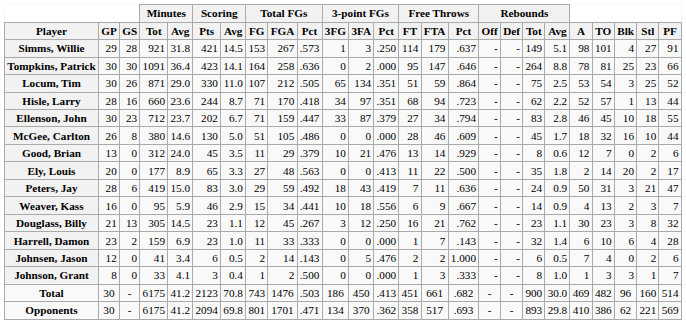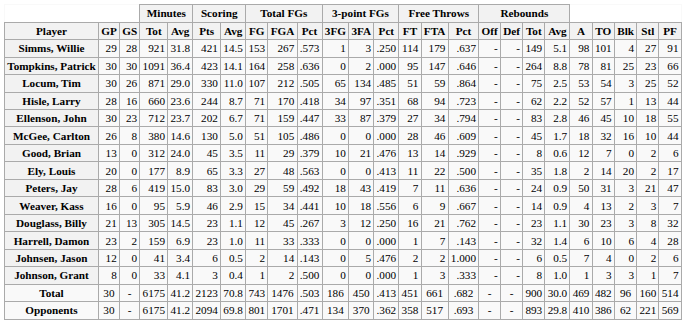 <table class="wikitable sortable" border="1" style="font-size:70%;">
 <tr>
 <th colspan="3" style="border-top-style:hidden; border-left-style:hidden; background: white;"></th>
 <th colspan="2">Minutes</th>
 <th colspan="2">Scoring</th>
 <th colspan="3">Total FGs</th>
 <th colspan="3">3-point FGs</th>
 <th colspan="3">Free Throws</th>
 <th colspan="4">Rebounds</th>
 <th colspan="5" style="border-top-style:hidden; border-right-style:hidden; background: white;"></th>
 </tr>
 <tr>
 <th scope="col">Player</th>
 <th scope="col">GP</th>
 <th scope="col">GS</th>
 <th scope="col">Tot</th>
 <th scope="col">Avg</th>
 <th scope="col">Pts</th>
 <th scope="col">Avg</th>
 <th scope="col">FG</th>
 <th scope="col">FGA</th>
 <th scope="col">Pct</th>
 <th scope="col">3FG</th>
 <th scope="col">3FA</th>
 <th scope="col">Pct</th>
 <th scope="col">FT</th>
 <th scope="col">FTA</th>
 <th scope="col">Pct</th>
 <th scope="col">Off</th>
 <th scope="col">Def</th>
 <th scope="col">Tot</th>
 <th scope="col">Avg</th>
 <th scope="col">A</th>
 <th scope="col">TO</th>
 <th scope="col">Blk</th>
 <th scope="col">Stl</th>
 <th scope="col">PF</th>
 </tr>
 <tr>
 <th style="white-space:nowrap">Simms, Willie</th>
 <td align="right">29</td>
 <td align="right">28</td>
 <td align="right">921</td>
 <td align="right">31.8</td>
 <td align="right">421</td>
 <td align="right">14.5</td>
 <td align="right">153</td>
 <td align="right">267</td>
 <td align="right">.573</td>
 <td align="right">1</td>
 <td align="right">3</td>
 <td align="right">.250</td>
 <td align="right">114</td>
 <td align="right">179</td>
 <td align="right">.637</td>
 <td align="right">-</td>
 <td align="right">-</td>
 <td align="right">149</td>
 <td align="right">5.1</td>
 <td align="right">98</td>
 <td align="right">101</td>
 <td align="right">4</td>
 <td align="right">27</td>
 <td align="right">91</td>
 </tr>
 <tr>
 <th style="white-space:nowrap">Tompkins, Patrick</th>
 <td align="right">30</td>
 <td align="right">30</td>
 <td align="right">1091</td>
 <td align="right">36.4</td>
 <td align="right">423</td>
 <td align="right">14.1</td>
 <td align="right">164</td>
 <td align="right">258</td>
 <td align="right">.636</td>
 <td align="right">0</td>
 <td align="right">2</td>
 <td align="right">.000</td>
 <td align="right">95</td>
 <td align="right">147</td>
 <td align="right">.646</td>
 <td align="right">-</td>
 <td align="right">-</td>
 <td align="right">264</td>
 <td align="right">8.8</td>
 <td align="right">78</td>
 <td align="right">81</td>
 <td align="right">25</td>
 <td align="right">23</td>
 <td align="right">66</td>
 </tr>
 <tr>
 <th style="white-space:nowrap">Locum, Tim</th>
 <td align="right">30</td>
 <td align="right">26</td>
 <td align="right">871</td>
 <td align="right">29.0</td>
 <td align="right">330</td>
 <td align="right">11.0</td>
 <td align="right">107</td>
 <td align="right">212</td>
 <td align="right">.505</td>
 <td align="right">65</td>
 <td align="right">134</td>
-<td align="right">.351</td>
+<td align="right">.485</td>
 <td align="right">51</td>
 <td align="right">59</td>
 <td align="right">.864</td>
 <td align="right">-</td>
 <td align="right">-</td>
 <td align="right">75</td>
 <td align="right">2.5</td>
 <td align="right">53</td>
 <td align="right">54</td>
 <td align="right">3</td>
 <td align="right">25</td>
 <td align="right">52</td>
 </tr>
 <tr>
 <th style="white-space:nowrap">Hisle, Larry</th>
 <td align="right">28</td>
 <td align="right">16</td>
 <td align="right">660</td>
 <td align="right">23.6</td>
 <td align="right">244</td>
 <td align="right">8.7</td>
 <td align="right">71</td>
 <td align="right">170</td>
 <td align="right">.418</td>
 <td align="right">34</td>
 <td align="right">97</td>
 <td align="right">.351</td>
 <td align="right">68</td>
 <td align="right">94</td>
 <td align="right">.723</td>
 <td align="right">-</td>
 <td align="right">-</td>
 <td align="right">62</td>
 <td align="right">2.2</td>
 <td align="right">52</td>
 <td align="right">57</td>
 <td align="right">1</td>
 <td align="right">13</td>
 <td align="right">44</td>
 </tr>
 <tr>
 <th style="white-space:nowrap">Ellenson, John</th>
 <td align="right">30</td>
 <td align="right">23</td>
 <td align="right">712</td>
 <td align="right">23.7</td>
 <td align="right">202</td>
 <td align="right">6.7</td>
 <td align="right">71</td>
 <td align="right">159</td>
 <td align="right">.447</td>
 <td align="right">33</td>
 <td align="right">87</td>
 <td align="right">.379</td>
 <td align="right">27</td>
 <td align="right">34</td>
 <td align="right">.794</td>
 <td align="right">-</td>
 <td align="right">-</td>
 <td align="right">83</td>
 <td align="right">2.8</td>
 <td align="right">46</td>
 <td align="right">45</td>
 <td align="right">10</td>
 <td align="right">18</td>
 <td align="right">55</td>
 </tr>
 <tr>
 <th style="white-space:nowrap">McGee, Carlton</th>
 <td align="right">26</td>
 <td align="right">8</td>
 <td align="right">380</td>
 <td align="right">14.6</td>
 <td align="right">130</td>
 <td align="right">5.0</td>
 <td align="right">51</td>
 <td align="right">105</td>
 <td align="right">.486</td>
 <td align="right">0</td>
 <td align="right">0</td>
 <td align="right">.000</td>
 <td align="right">28</td>
 <td align="right">46</td>
 <td align="right">.609</td>
 <td align="right">-</td>
 <td align="right">-</td>
 <td align="right">45</td>
 <td align="right">1.7</td>
 <td align="right">18</td>
 <td align="right">32</td>
 <td align="right">16</td>
 <td align="right">10</td>
 <td align="right">44</td>
 </tr>
 <tr>
 <th style="white-space:nowrap">Good, Brian</th>
 <td align="right">13</td>
 <td align="right">0</td>
 <td align="right">312</td>
 <td align="right">24.0</td>
 <td align="right">45</td>
 <td align="right">3.5</td>
 <td align="right">11</td>
 <td align="right">29</td>
 <td align="right">.379</td>
 <td align="right">10</td>
 <td align="right">21</td>
 <td align="right">.476</td>
 <td align="right">13</td>
 <td align="right">14</td>
 <td align="right">.929</td>
 <td align="right">-</td>
 <td align="right">-</td>
 <td align="right">8</td>
 <td align="right">0.6</td>
 <td align="right">12</td>
 <td align="right">7</td>
 <td align="right">0</td>
 <td align="right">2</td>
 <td align="right">6</td>
 </tr>
 <tr>
 <th style="white-space:nowrap">Ely, Louis</th>
 <td align="right">20</td>
 <td align="right">0</td>
 <td align="right">177</td>
 <td align="right">8.9</td>
 <td align="right">65</td>
 <td align="right">3.3</td>
 <td align="right">27</td>
 <td align="right">48</td>
 <td align="right">.563</td>
 <td align="right">0</td>
 <td align="right">0</td>
 <td align="center">.413</td>
 <td align="right">11</td>
 <td align="right">22</td>
 <td align="right">.500</td>
 <td align="right">-</td>
 <td align="right">-</td>
 <td align="right">35</td>
 <td align="right">1.8</td>
 <td align="right">2</td>
 <td align="right">14</td>
 <td align="right">20</td>
 <td align="right">2</td>
 <td align="right">17</td>
 </tr>
 <tr>
 <th style="white-space:nowrap">Peters, Jay</th>
 <td align="right">28</td>
 <td align="right">6</td>
 <td align="right">419</td>
 <td align="right">15.0</td>
 <td align="right">83</td>
 <td align="right">3.0</td>
 <td align="right">29</td>
 <td align="right">59</td>
 <td align="right">.492</td>
 <td align="right">18</td>
 <td align="right">43</td>
 <td align="right">.419</td>
 <td align="right">7</td>
 <td align="right">11</td>
 <td align="right">.636</td>
 <td align="right">-</td>
 <td align="right">-</td>
 <td align="right">24</td>
 <td align="right">0.9</td>
 <td align="right">50</td>
 <td align="right">31</td>
 <td align="right">3</td>
 <td align="right">21</td>
 <td align="right">47</td>
 </tr>
 <tr>
 <th style="white-space:nowrap">Weaver, Kass</th>
 <td align="right">16</td>
 <td align="right">0</td>
 <td align="right">95</td>
 <td align="right">5.9</td>
 <td align="right">46</td>
 <td align="right">2.9</td>
 <td align="right">15</td>
 <td align="right">34</td>
 <td align="right">.441</td>
 <td align="right">10</td>
 <td align="right">18</td>
 <td align="right">.556</td>
 <td align="right">6</td>
 <td align="right">9</td>
 <td align="right">.667</td>
 <td align="right">-</td>
 <td align="right">-</td>
 <td align="right">14</td>
 <td align="right">0.9</td>
 <td align="right">4</td>
 <td align="right">13</td>
 <td align="right">2</td>
 <td align="right">3</td>
 <td align="right">7</td>
 </tr>
 <tr>
 <th style="white-space:nowrap">Douglass, Billy</th>
 <td align="right">21</td>
 <td align="right">13</td>
 <td align="right">305</td>
 <td align="right">14.5</td>
 <td align="right">23</td>
 <td align="right">1.1</td>
 <td align="right">12</td>
 <td align="right">45</td>
 <td align="right">.267</td>
 <td align="right">3</td>
 <td align="right">12</td>
 <td align="right">.250</td>
 <td align="right">16</td>
 <td align="right">21</td>
 <td align="right">.762</td>
 <td align="right">-</td>
 <td align="right">-</td>
 <td align="right">23</td>
 <td align="right">1.1</td>
 <td align="right">30</td>
 <td align="right">23</td>
 <td align="right">3</td>
 <td align="right">8</td>
 <td align="right">32</td>
 </tr>
 <tr>
 <th style="white-space:nowrap">Harrell, Damon</th>
 <td align="right">23</td>
 <td align="right">2</td>
 <td align="right">159</td>
 <td align="right">6.9</td>
 <td align="right">23</td>
 <td align="right">1.0</td>
 <td align="right">11</td>
 <td align="right">33</td>
 <td align="right">.333</td>
 <td align="right">0</td>
 <td align="right">0</td>
 <td align="right">.000</td>
 <td align="right">1</td>
 <td align="right">7</td>
 <td align="right">.143</td>
 <td align="right">-</td>
 <td align="right">-</td>
 <td align="right">32</td>
 <td align="right">1.4</td>
 <td align="right">6</td>
 <td align="right">10</td>
 <td align="right">6</td>
 <td align="right">4</td>
 <td align="right">28</td>
 </tr>
 <tr>
 <th style="white-space:nowrap">Johnsen, Jason</th>
 <td align="right">12</td>
 <td align="right">0</td>
 <td align="right">41</td>
 <td align="right">3.4</td>
 <td align="right">6</td>
 <td align="right">0.5</td>
 <td align="right">2</td>
 <td align="right">14</td>
 <td align="right">.143</td>
 <td align="right">0</td>
 <td align="right">5</td>
 <td align="right">.476</td>
 <td align="right">2</td>
 <td align="right">2</td>
 <td align="right">1.000</td>
 <td align="right">-</td>
 <td align="right">-</td>
 <td align="right">6</td>
 <td align="right">0.5</td>
 <td align="right">7</td>
 <td align="right">4</td>
 <td align="right">0</td>
 <td align="right">2</td>
 <td align="right">6</td>
 </tr>
 <tr>
 <th style="white-space:nowrap">Johnson, Grant</th>
 <td align="right">8</td>
 <td align="right">0</td>
 <td align="right">33</td>
 <td align="right">4.1</td>
 <td align="right">3</td>
 <td align="right">0.4</td>
 <td align="right">1</td>
 <td align="right">2</td>
 <td align="right">.500</td>
 <td align="right">0</td>
 <td align="right">0</td>
 <td align="right">.000</td>
 <td align="right">1</td>
 <td align="right">3</td>
 <td align="right">.333</td>
 <td align="right">-</td>
 <td align="right">-</td>
 <td align="right">8</td>
 <td align="right">1.0</td>
 <td align="right">1</td>
 <td align="right">3</td>
 <td align="right">3</td>
 <td align="right">1</td>
 <td align="right">7</td>
 </tr>
 <tr>
 </tr>
 <tr class="sortbottom">
 <td align="center"><strong>Total</strong></td>
 <td align="center">30</td>
 <td align="center">-</td>
 <td align="center">6175</td>
 <td align="center">41.2</td>
 <td align="center">2123</td>
 <td align="center">70.8</td>
 <td align="center">743</td>
 <td align="center">1476</td>
 <td align="center">.503</td>
 <td align="center">186</td>
 <td align="center">450</td>
 <td align="center">.413</td>
 <td align="center">451</td>
 <td align="center">661</td>
 <td align="center">.682</td>
 <td align="center">-</td>
 <td align="center">-</td>
 <td align="center">900</td>
 <td align="center">30.0</td>
 <td align="center">469</td>
 <td align="center">482</td>
 <td align="center">96</td>
 <td align="center">160</td>
 <td align="center">514</td>
 </tr>
 <tr class="sortbottom">
 <td align="center"><strong>Opponents</strong></td>
 <td align="center">30</td>
 <td align="center">-</td>
 <td align="center">6175</td>
 <td align="center">41.2</td>
 <td align="center">2094</td>
 <td align="center">69.8</td>
 <td align="center">801</td>
 <td align="center">1701</td>
 <td align="center">.471</td>
 <td align="center">134</td>
 <td align="center">370</td>
 <td align="center">.362</td>
 <td align="center">358</td>
 <td align="center">517</td>
 <td align="center">.693</td>
 <td align="center">-</td>
 <td align="center">-</td>
 <td align="center">893</td>
 <td align="center">29.8</td>
 <td align="center">410</td>
 <td align="center">386</td>
 <td align="center">62</td>
 <td align="center">221</td>
 <td align="center">569</td>
 </tr>
 </table>
